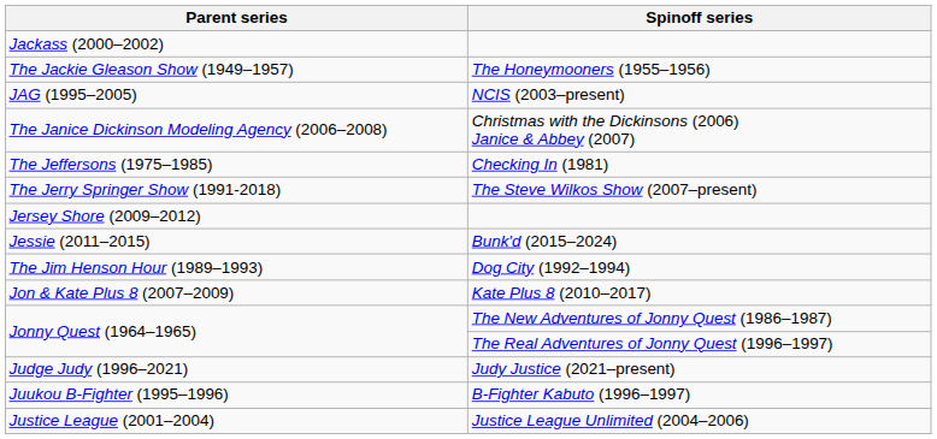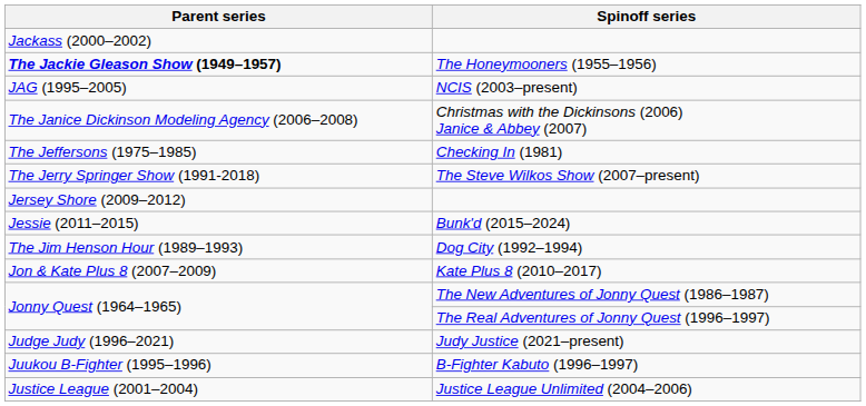 <table class="wikitable">
 <tr>
 <th width="450">Parent series</th>
 <th width="450">Spinoff series</th>
 </tr>
 <tr>
 <td><em><a href='#'>Jackass</a></em> (2000–2002)</td>
 <td></td>
 </tr>
 <tr>
-<td><em><a href='#'>The Jackie Gleason Show</a></em> (1949–1957)</td>
+<td><strong><em><a href='#'>The Jackie Gleason Show</a></em> (1949–1957)</strong></td>
 <td><em><a href='#'>The Honeymooners</a></em> (1955–1956)</td>
 </tr>
 <tr>
 <td><em><a href='#'>JAG</a></em> (1995–2005)</td>
 <td><em><a href='#'>NCIS</a></em> (2003–present)</td>
 </tr>
 <tr>
 <td><em><a href='#'>The Janice Dickinson Modeling Agency</a></em> (2006–2008)</td>
 <td><em>Christmas with the Dickinsons</em> (2006)<br><em><a href='#'>Janice & Abbey</a></em> (2007)</td>
 </tr>
 <tr>
 <td><em><a href='#'>The Jeffersons</a></em> (1975–1985)</td>
 <td><em><a href='#'>Checking In</a></em> (1981)</td>
 </tr>
 <tr>
 <td><em><a href='#'>The Jerry Springer Show</a></em> (1991-2018)</td>
 <td><em><a href='#'>The Steve Wilkos Show</a></em> (2007–present)</td>
 </tr>
 <tr>
 <td><em><a href='#'>Jersey Shore</a></em> (2009–2012)</td>
 <td></td>
 </tr>
 <tr>
 <td><em><a href='#'>Jessie</a></em> (2011–2015)</td>
 <td><em><a href='#'>Bunk'd</a></em> (2015–2024)</td>
 </tr>
 <tr>
 <td><em><a href='#'>The Jim Henson Hour</a></em> (1989–1993)</td>
 <td><em><a href='#'>Dog City</a></em> (1992–1994)</td>
 </tr>
 <tr>
 <td><em><a href='#'>Jon & Kate Plus 8</a></em> (2007–2009)</td>
 <td><em><a href='#'>Kate Plus 8</a></em> (2010–2017)</td>
 </tr>
 <tr>
 <td rowspan="2"><em><a href='#'>Jonny Quest</a></em> (1964–1965)</td>
 <td><em><a href='#'>The New Adventures of Jonny Quest</a></em> (1986–1987)</td>
 </tr>
 <tr>
 <td><em><a href='#'>The Real Adventures of Jonny Quest</a></em> (1996–1997)</td>
 </tr>
 <tr>
 <td><em><a href='#'>Judge Judy</a></em> (1996–2021)</td>
 <td><em><a href='#'>Judy Justice</a></em> (2021–present)</td>
 </tr>
 <tr>
 <td><em><a href='#'>Juukou B-Fighter</a></em> (1995–1996)</td>
 <td><em><a href='#'>B-Fighter Kabuto</a></em> (1996–1997)</td>
 </tr>
 <tr>
 <td><em><a href='#'>Justice League</a></em> (2001–2004)</td>
 <td><em><a href='#'>Justice League Unlimited</a></em> (2004–2006)</td>
 </tr>
 </table>
